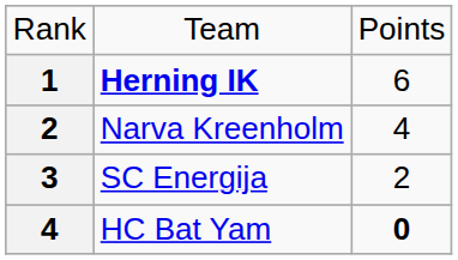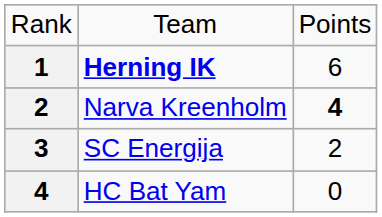 <table class="wikitable" style="text-align: center;">
 <tr>
 <td>Rank</td>
 <td>Team</td>
 <td>Points</td>
 </tr>
 <tr>
 <th>1</th>
 <td style="text-align: left;"> <strong><a href='#'>Herning IK</a></strong></td>
 <td>6</td>
 </tr>
 <tr>
 <th>2</th>
 <td style="text-align: left;"> <a href='#'>Narva Kreenholm</a></td>
-<td>4</td>
+<td><strong>4</strong></td>
 </tr>
 <tr>
 <th>3</th>
 <td style="text-align: left;"> <a href='#'>SC Energija</a></td>
 <td>2</td>
 </tr>
 <tr>
 <th>4</th>
 <td style="text-align: left;"> <a href='#'>HC Bat Yam</a></td>
-<td><strong>0</strong></td>
+<td>0</td>
 </tr>
 </table>
